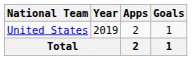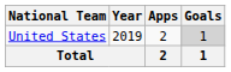 <table class="wikitable" style="text-align: center;">
 <tr>
 <th>National Team</th>
 <th>Year</th>
 <th>Apps</th>
 <th>Goals</th>
 </tr>
 <tr>
 <td><a href='#'>United States</a></td>
 <td>2019</td>
 <td>2</td>
-<td>1</td>
+<td style="background: lightgrey;">1</td>
 </tr>
 <tr>
 <th colspan="2"><strong>Total</strong></th>
 <th><strong>2</strong></th>
 <th><strong>1</strong></th>
 </tr>
 </table>
